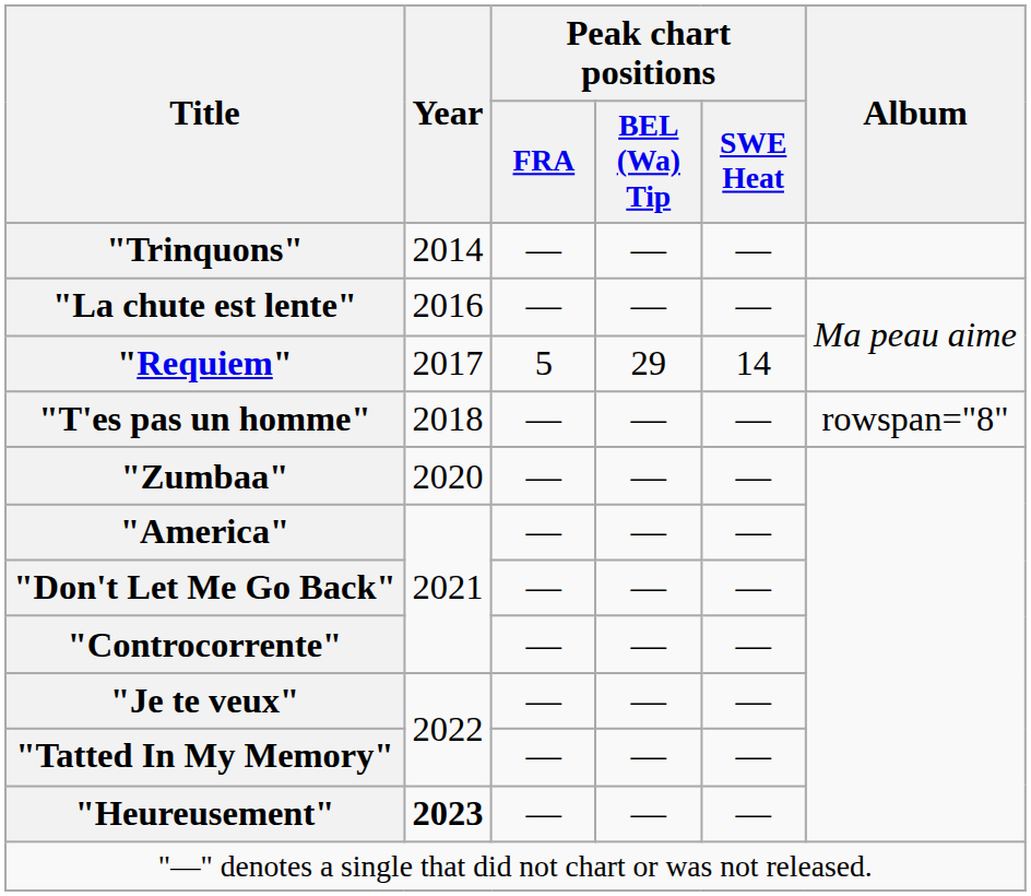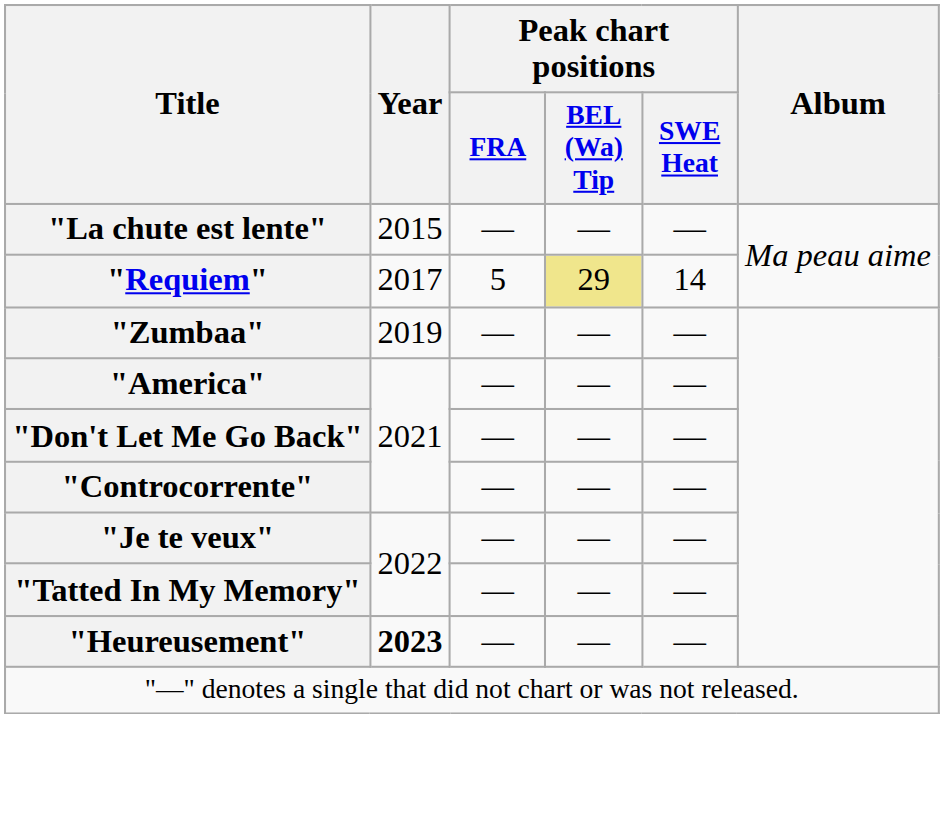 <table class="wikitable plainrowheaders" style="text-align:center;">
 <tr>
 <th scope="col" rowspan="2">Title</th>
 <th scope="col" rowspan="2">Year</th>
 <th scope="col" colspan="3">Peak chart positions</th>
 <th scope="col" rowspan="2">Album</th>
 </tr>
 <tr>
 <th scope="col" style="width:3em;font-size:85%;"><a href='#'>FRA</a><br></th>
 <th scope="col" style="width:3em;font-size:85%;"><a href='#'>BEL (Wa)<br>Tip</a><br></th>
 <th scope="col" style="width:3em;font-size:85%;"><a href='#'>SWE<br>Heat</a><br></th>
 </tr>
 <tr>
-<th scope="row">"Trinquons"</th>
-<td>2014</td>
-<td>—</td>
-<td>—</td>
-<td>—</td>
-<td></td>
-</tr>
-<tr>
 <th scope="row">"La chute est lente"</th>
-<td>2016</td>
+<td>2015</td>
 <td>—</td>
 <td>—</td>
 <td>—</td>
 <td rowspan="2"><em>Ma peau aime</em></td>
 </tr>
 <tr>
 <th scope="row">"<a href='#'>Requiem</a>"</th>
 <td>2017</td>
 <td>5</td>
-<td>29</td>
+<td style="background: khaki;">29</td>
 <td>14</td>
 </tr>
 <tr>
-<th scope="row">"T'es pas un homme"</th>
-<td>2018</td>
-<td>—</td>
-<td>—</td>
-<td>—</td>
-<td>rowspan="8" </td>
-</tr>
-<tr>
 <th scope="row">"Zumbaa"<br></th>
-<td>2020</td>
+<td>2019</td>
 <td>—</td>
 <td>—</td>
 <td>—</td>
 </tr>
 <tr>
 <th scope="row">"America"</th>
 <td rowspan="3">2021</td>
 <td>—</td>
 <td>—</td>
 <td>—</td>
 </tr>
 <tr>
 <th scope="row">"Don't Let Me Go Back"</th>
 <td>—</td>
 <td>—</td>
 <td>—</td>
 </tr>
 <tr>
 <th scope="row">"Controcorrente"</th>
 <td>—</td>
 <td>—</td>
 <td>—</td>
 </tr>
 <tr>
 <th scope="row">"Je te veux"</th>
 <td rowspan="2">2022</td>
 <td>—</td>
 <td>—</td>
 <td>—</td>
 </tr>
 <tr>
 <th scope="row">"Tatted In My Memory"<br></th>
 <td>—</td>
 <td>—</td>
 <td>—</td>
 </tr>
 <tr>
 <th scope="row">"Heureusement"</th>
 <td><strong>2023</strong></td>
 <td>—</td>
 <td>—</td>
 <td>—</td>
 </tr>
 <tr>
 <td style="text-align:center; font-size:85%;" colspan="6">"—" denotes a single that did not chart or was not released.</td>
 </tr>
 </table>
